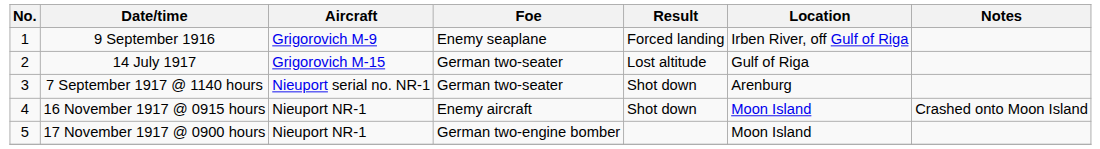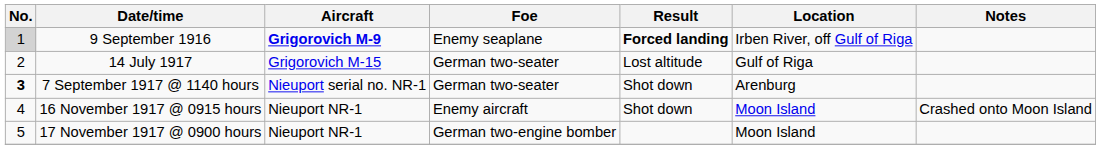 <table class="wikitable" border="1" style="margin: 1em auto 1em auto">
 <tr>
 <th>No.</th>
 <th>Date/time</th>
 <th>Aircraft</th>
 <th>Foe</th>
 <th>Result</th>
 <th>Location</th>
 <th>Notes</th>
 </tr>
 <tr>
-<td align="center">1</td>
+<td align="center" style="background: lightgrey;">1</td>
 <td align="center">9 September 1916</td>
-<td><a href='#'>Grigorovich M-9</a></td>
+<td><strong><a href='#'>Grigorovich M-9</a></strong></td>
 <td>Enemy seaplane</td>
-<td>Forced landing</td>
+<td><strong>Forced landing</strong></td>
 <td>Irben River, off <a href='#'>Gulf of Riga</a></td>
 <td></td>
 </tr>
 <tr>
 <td align="center">2</td>
 <td align="center">14 July 1917</td>
 <td><a href='#'>Grigorovich M-15</a></td>
 <td>German two-seater</td>
 <td>Lost altitude</td>
 <td>Gulf of Riga</td>
 <td></td>
 </tr>
 <tr>
-<td align="center">3</td>
+<td align="center"><strong>3</strong></td>
 <td align="center">7 September 1917 @ 1140 hours</td>
 <td><a href='#'>Nieuport</a> serial no. NR-1</td>
 <td>German two-seater</td>
 <td>Shot down</td>
 <td>Arenburg</td>
 <td></td>
 </tr>
 <tr>
 <td align="center">4</td>
 <td align="center">16 November 1917 @ 0915 hours</td>
 <td>Nieuport NR-1</td>
 <td>Enemy aircraft</td>
 <td>Shot down</td>
 <td><a href='#'>Moon Island</a></td>
 <td>Crashed onto Moon Island</td>
 </tr>
 <tr>
 <td align="center">5</td>
 <td align="center">17 November 1917 @ 0900 hours</td>
 <td>Nieuport NR-1</td>
 <td>German two-engine bomber</td>
 <td></td>
 <td>Moon Island</td>
 <td></td>
 </tr>
 <tr>
 </tr>
 </table>
